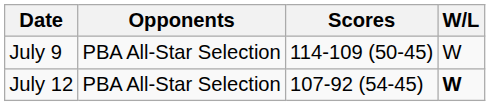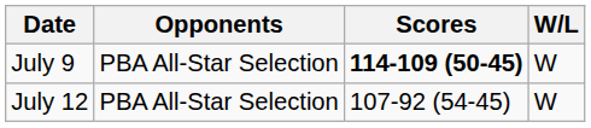 <table class="wikitable">
 <tr>
 <th>Date</th>
 <th>Opponents</th>
 <th>Scores</th>
 <th>W/L</th>
 </tr>
 <tr>
 <td>July 9</td>
 <td> PBA All-Star Selection</td>
-<td>114-109 (50-45)</td>
+<td><strong>114-109 (50-45)</strong></td>
 <td>W</td>
 </tr>
 <tr>
 <td>July 12</td>
 <td> PBA All-Star Selection</td>
 <td>107-92  (54-45)</td>
-<td><strong>W</strong></td>
+<td>W</td>
 </tr>
 </table>
